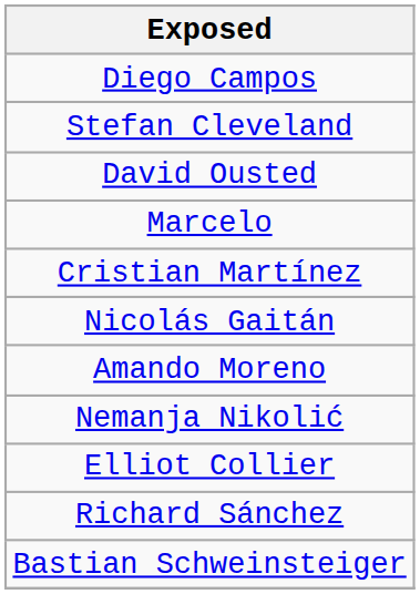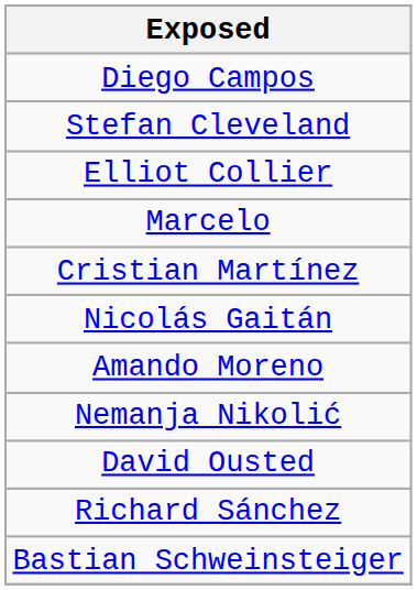 <table class="wikitable" style="text-align:center">
 <tr>
 <th>Exposed</th>
 </tr>
 <tr>
 <td><a href='#'>Diego Campos</a></td>
 </tr>
 <tr>
 <td><a href='#'>Stefan Cleveland</a></td>
 </tr>
 <tr>
-<td><a href='#'>David Ousted</a></td>
+<td><a href='#'>Elliot Collier</a></td>
 </tr>
 <tr>
 <td><a href='#'>Marcelo</a></td>
 </tr>
 <tr>
 <td><a href='#'>Cristian Martínez</a></td>
 </tr>
 <tr>
 <td><a href='#'>Nicolás Gaitán</a></td>
 </tr>
 <tr>
 <td><a href='#'>Amando Moreno</a></td>
 </tr>
 <tr>
 <td><a href='#'>Nemanja Nikolić</a></td>
 </tr>
 <tr>
-<td><a href='#'>Elliot Collier</a></td>
+<td><a href='#'>David Ousted</a></td>
 </tr>
 <tr>
 <td><a href='#'>Richard Sánchez</a></td>
 </tr>
 <tr>
 <td><a href='#'>Bastian Schweinsteiger</a></td>
 </tr>
 <tr>
 </tr>
 </table>
